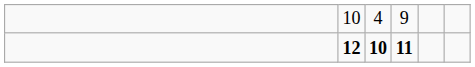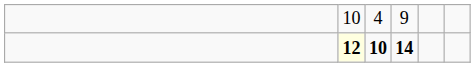 <table class="wikitable">
 <tr>
 <td style="width:18em"></td>
 <td align=center style="width:1em">10</td>
 <td align=center style="width:1em">4</td>
 <td align=center style="width:1em">9</td>
 <td align=center style="width:1em"></td>
 <td align=center style="width:1em"></td>
 </tr>
 <tr>
 <td style="width:18em"></td>
-<td align=center style="width:1em"><strong>12</strong></td>
+<td align=center style="background: lightyellow; width:1em"><strong>12</strong></td>
 <td align=center style="width:1em"><strong>10</strong></td>
-<td align=center style="width:1em"><strong>11</strong></td>
+<td align=center style="width:1em"><strong>14</strong></td>
 <td align=center style="width:1em"></td>
 <td align=center style="width:1em"></td>
 </tr>
 </table>
